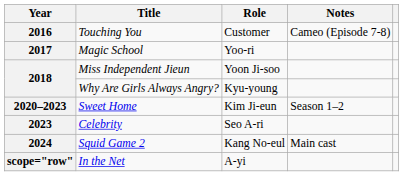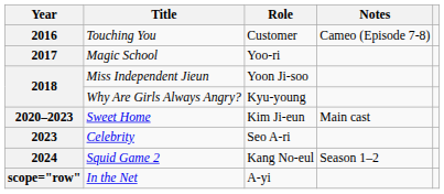 <table class="wikitable plainrowheaders sortable">
 <tr>
 <th scope="col">Year</th>
 <th scope="col">Title</th>
 <th scope="col">Role</th>
 <th scope="col">Notes</th>
 <th scope="col" class="unsortable"></th>
 </tr>
 <tr>
 <th scope="row">2016</th>
 <td><em>Touching You</em></td>
 <td>Customer</td>
 <td>Cameo (Episode 7-8)</td>
 <td style="text-align:center"></td>
 </tr>
 <tr>
 <th scope="row">2017</th>
 <td><em>Magic School</em></td>
 <td>Yoo-ri</td>
 <td></td>
 <td style="text-align:center"></td>
 </tr>
 <tr>
 <th scope="row" rowspan="2">2018</th>
 <td><em>Miss Independent Jieun</em></td>
 <td>Yoon Ji-soo</td>
 <td></td>
 <td style="text-align:center"></td>
 </tr>
 <tr>
 <td><em>Why Are Girls Always Angry?</em></td>
 <td>Kyu-young</td>
 <td></td>
 <td style="text-align:center"></td>
 </tr>
 <tr>
 <th scope="row">2020–2023</th>
 <td><em><a href='#'>Sweet Home</a></em></td>
 <td>Kim Ji-eun</td>
-<td>Season 1–2</td>
+<td>Main cast</td>
 <td style="text-align:center"></td>
 </tr>
 <tr>
 <th scope="row">2023</th>
 <td><em><a href='#'>Celebrity</a></em></td>
 <td>Seo A-ri</td>
 <td></td>
 <td style="text-align:center"></td>
 </tr>
 <tr>
 <th scope="row">2024</th>
 <td><em><a href='#'>Squid Game 2</a></em></td>
 <td>Kang No-eul</td>
-<td>Main cast</td>
+<td>Season 1–2</td>
 <td style="text-align:center"></td>
 </tr>
 <tr>
 <th>scope="row" </th>
 <td><em><a href='#'>In the Net</a></em></td>
 <td>A-yi</td>
 <td></td>
 <td style="text-align:center"></td>
 </tr>
 </table>
